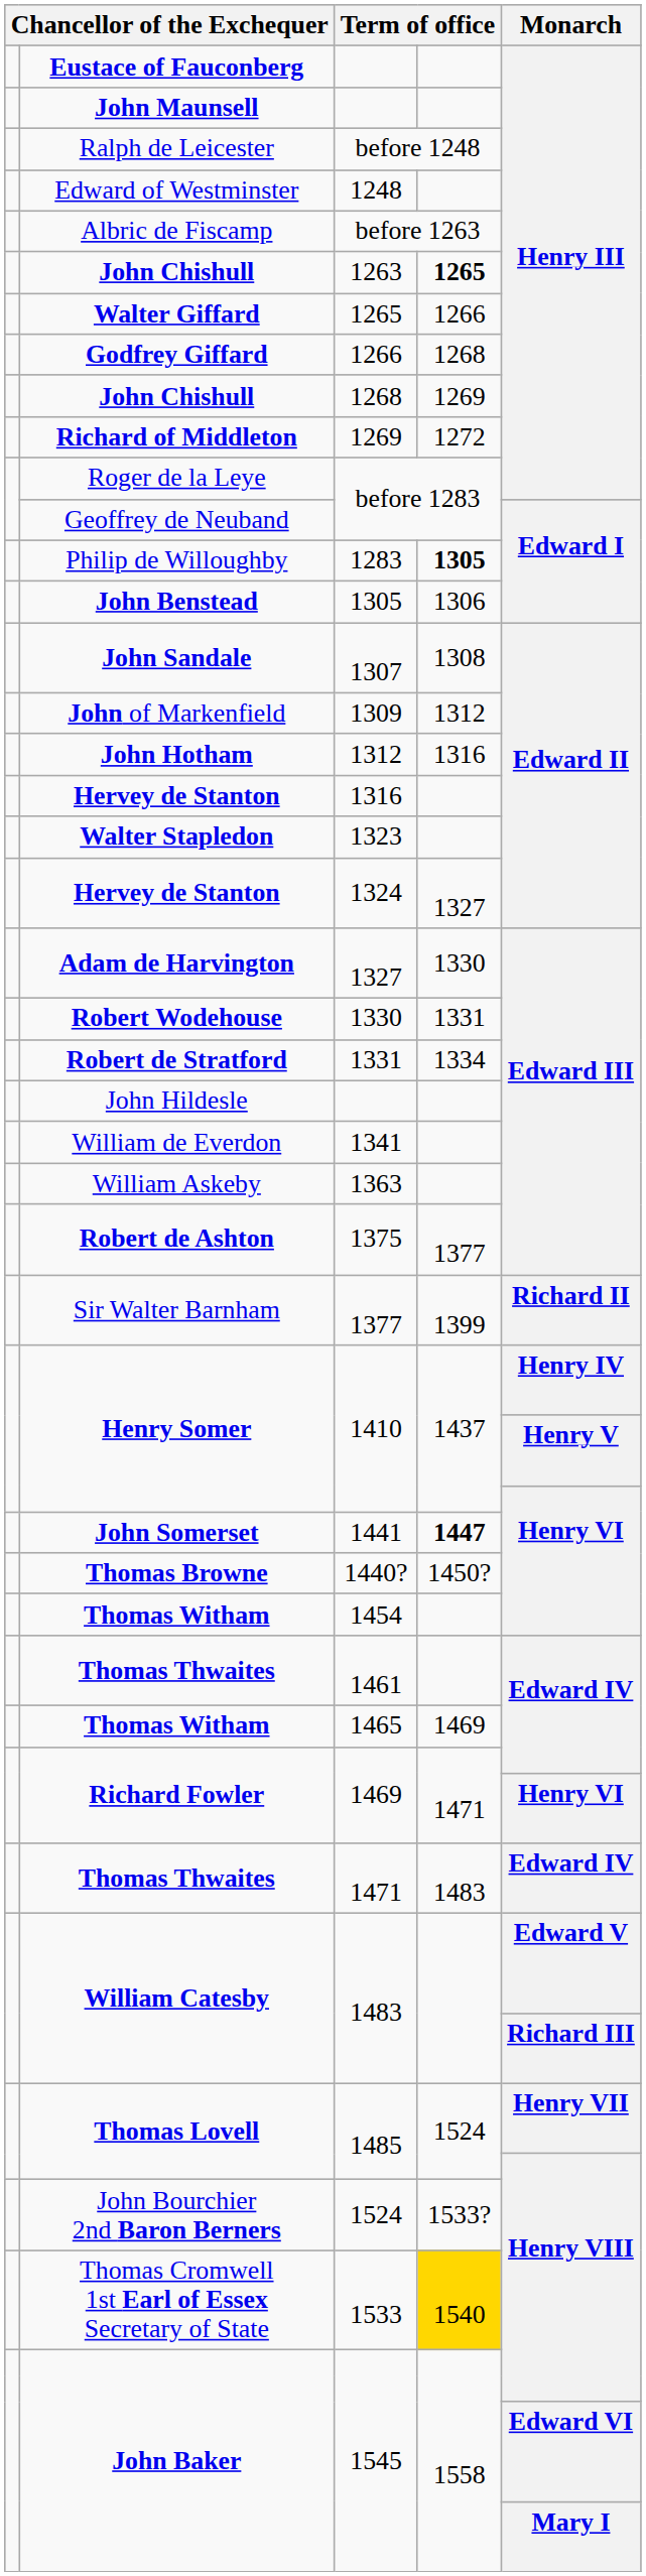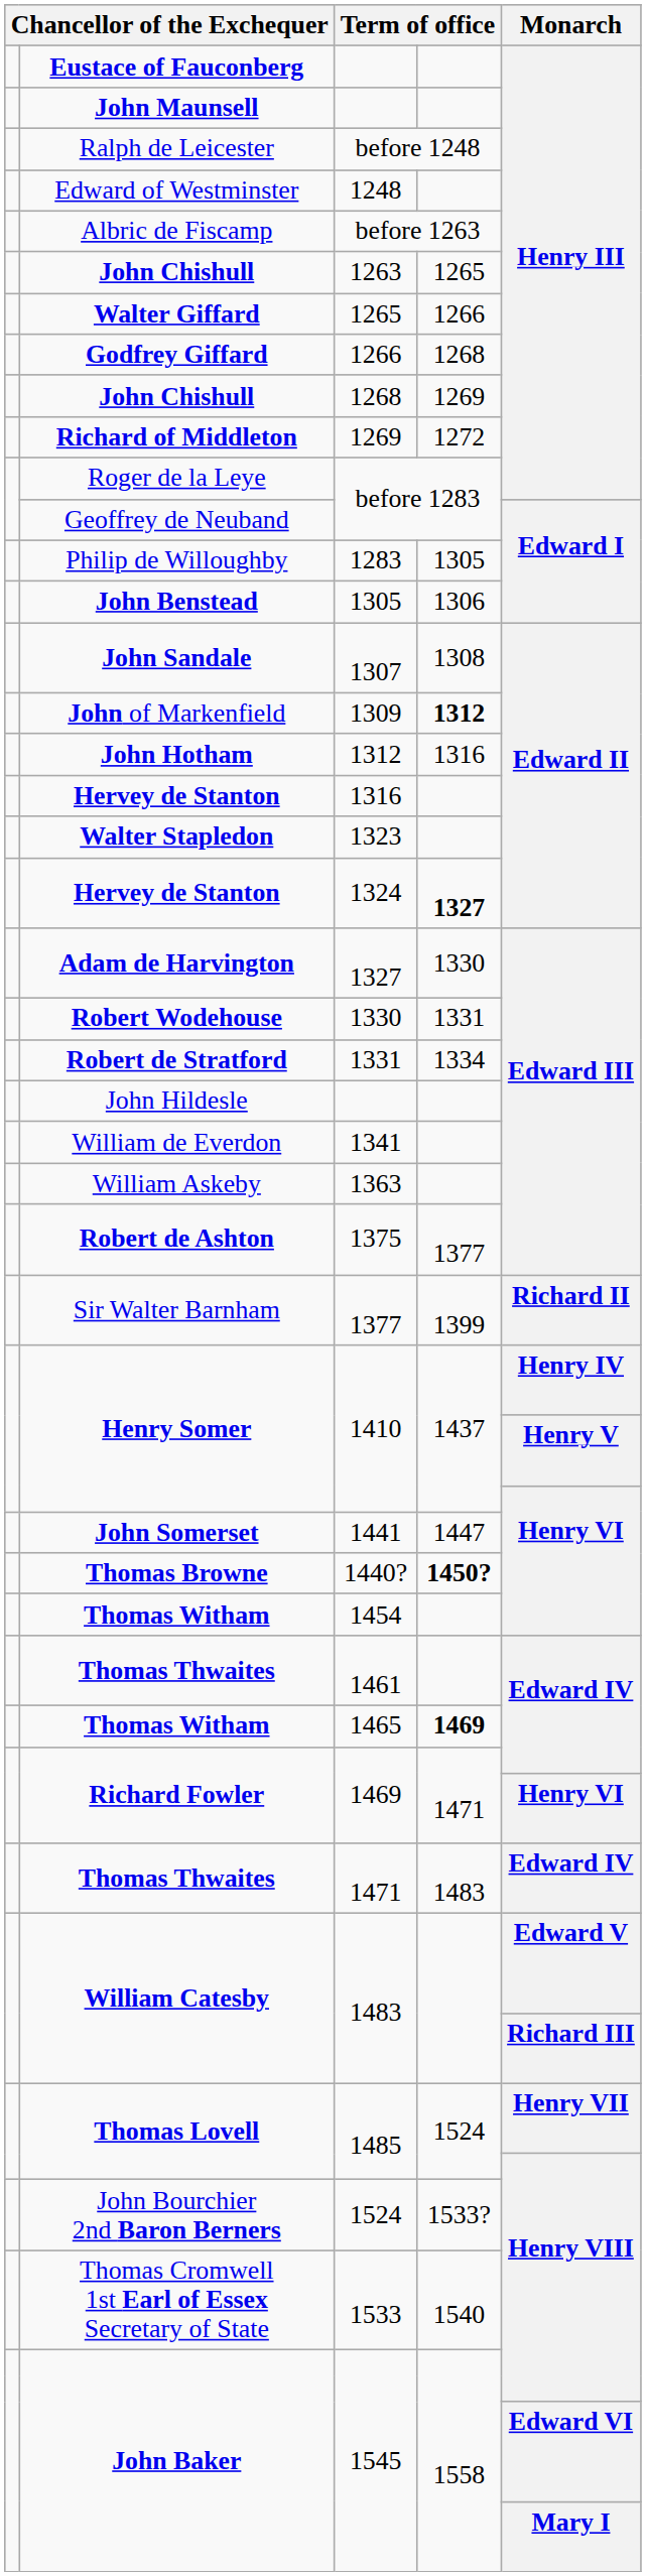 <table class="wikitable plainrowheaders" style="text-align:center">
 <tr style="height:1em">
 <th colspan=2>Chancellor of the Exchequer</th>
 <th colspan=2>Term of office</th>
 <th colspan=2>Monarch<br></th>
 </tr>
 <tr style="height:1em">
 <td></td>
 <td><strong><a href='#'>Eustace of Fauconberg</a></strong><br></td>
 <td></td>
 <td></td>
 <th scope=row rowspan=11 style="text-align:center"><strong><a href='#'>Henry III</a></strong><br><br></th>
 </tr>
 <tr style="height:1em">
 <td></td>
 <td><strong><a href='#'>John Maunsell</a></strong><br></td>
 <td></td>
 <td></td>
 </tr>
 <tr style="height:1em">
 <td></td>
 <td><a href='#'>Ralph de Leicester</a></td>
 <td colspan=2>before 1248</td>
 </tr>
 <tr style="height:1em">
 <td></td>
 <td><a href='#'>Edward of Westminster</a></td>
 <td>1248</td>
 <td></td>
 </tr>
 <tr style="height:1em">
 <td></td>
 <td><a href='#'>Albric de Fiscamp</a></td>
 <td colspan=2>before 1263</td>
 </tr>
 <tr style="height:1em">
 <td></td>
 <td><strong><a href='#'>John Chishull</a></strong><br></td>
 <td>1263</td>
-<td><strong>1265</strong></td>
+<td>1265</td>
 </tr>
 <tr style="height:1em">
 <td></td>
 <td><strong><a href='#'>Walter Giffard</a></strong><br></td>
 <td>1265</td>
 <td>1266</td>
 </tr>
 <tr style="height:1em">
 <td></td>
 <td><strong><a href='#'>Godfrey Giffard</a></strong><br></td>
 <td>1266</td>
 <td>1268</td>
 </tr>
 <tr style="height:1em">
 <td></td>
 <td><strong><a href='#'>John Chishull</a></strong><br></td>
 <td>1268</td>
 <td>1269</td>
 </tr>
 <tr style="height:1em">
 <td></td>
 <td><strong><a href='#'>Richard of Middleton</a></strong><br></td>
 <td>1269</td>
 <td>1272</td>
 </tr>
 <tr style="height:1em">
 <td rowspan=2></td>
 <td><a href='#'>Roger de la Leye</a></td>
 <td colspan=2 rowspan=2>before 1283</td>
 </tr>
 <tr style="height:1em">
 <td><a href='#'>Geoffrey de Neuband</a></td>
 <th scope=row rowspan=3 style="text-align:center"><strong><a href='#'>Edward I</a></strong><br><br></th>
 </tr>
 <tr style="height:1em">
 <td></td>
 <td><a href='#'>Philip de Willoughby</a></td>
 <td>1283</td>
-<td><strong>1305</strong></td>
+<td>1305</td>
 </tr>
 <tr style="height:1em">
 <td></td>
 <td><strong><a href='#'>John Benstead</a></strong><br></td>
 <td>1305</td>
 <td>1306</td>
 </tr>
 <tr style="height:1em">
 <td></td>
 <td><strong><a href='#'>John Sandale</a></strong><br></td>
 <td class=nowrap><br>1307</td>
 <td>1308</td>
 <th scope=row rowspan=6 style="text-align:center"><strong><a href='#'>Edward II</a></strong><br><br></th>
 </tr>
 <tr style="height:1em">
 <td></td>
 <td><a href='#'><strong>John</strong> of Markenfield</a></td>
 <td>1309</td>
-<td>1312</td>
+<td><strong>1312</strong></td>
 </tr>
 <tr style="height:1em">
 <td></td>
 <td><a href='#'><strong>John Hotham</strong></a><br></td>
 <td>1312</td>
 <td>1316</td>
 </tr>
 <tr style="height:1em">
 <td></td>
 <td><strong><a href='#'>Hervey de Stanton</a></strong></td>
 <td>1316</td>
 <td></td>
 </tr>
 <tr style="height:1em">
 <td></td>
 <td><strong><a href='#'>Walter Stapledon</a></strong><br></td>
 <td>1323</td>
 <td></td>
 </tr>
 <tr style="height:1em">
 <td></td>
 <td><strong><a href='#'>Hervey de Stanton</a></strong><br></td>
 <td>1324</td>
-<td class=nowrap><br>1327</td>
+<td class=nowrap><strong><br>1327</strong></td>
 </tr>
 <tr style="height:1em">
 <td></td>
 <td><strong><a href='#'>Adam de Harvington</a></strong></td>
 <td class=nowrap><br>1327</td>
 <td>1330</td>
 <th scope=row rowspan=7 style="text-align:center"><strong><a href='#'>Edward III</a></strong><br><br><br></th>
 </tr>
 <tr style="height:1em">
 <td></td>
 <td><strong><a href='#'>Robert Wodehouse</a></strong></td>
 <td>1330</td>
 <td>1331</td>
 </tr>
 <tr style="height:1em">
 <td></td>
 <td><strong><a href='#'>Robert de Stratford</a></strong><br></td>
 <td>1331</td>
 <td>1334</td>
 </tr>
 <tr style="height:1em">
 <td></td>
 <td><a href='#'>John Hildesle</a></td>
 <td></td>
 <td></td>
 </tr>
 <tr style="height:1em">
 <td></td>
 <td><a href='#'>William de Everdon</a></td>
 <td>1341</td>
 <td></td>
 </tr>
 <tr style="height:1em">
 <td></td>
 <td><a href='#'>William Askeby</a><br></td>
 <td>1363</td>
 <td></td>
 </tr>
 <tr style="height:1em">
 <td></td>
 <td><strong><a href='#'>Robert de Ashton</a></strong></td>
 <td>1375</td>
 <td class=nowrap><br>1377</td>
 </tr>
 <tr style="height:1em">
 <td></td>
 <td><a href='#'>Sir Walter Barnham</a></td>
 <td class=nowrap><br>1377</td>
 <td class=nowrap><br>1399</td>
 <th scope=row style="text-align:center"><strong><a href='#'>Richard II</a></strong><br><br></th>
 </tr>
 <tr style="height:1em">
 <td style="border: none" rowspan=2></td>
 <td rowspan=3><strong><a href='#'>Henry Somer</a></strong><br></td>
 <td rowspan=3>1410</td>
 <td rowspan=3>1437</td>
 <th scope=row style="text-align:center"><strong><a href='#'>Henry IV</a></strong><br><br></th>
 </tr>
 <tr style="height:1em">
 <th scope=row style="text-align:center"><strong><a href='#'>Henry V</a></strong><br><br></th>
 </tr>
 <tr style="height:1em">
 <td style="border: none"></td>
 <th rowspan=4 scope=row style="text-align:center"><strong><a href='#'>Henry VI</a></strong><br><br><br></th>
 </tr>
 <tr style="height:1em">
 <td></td>
 <td><strong><a href='#'>John Somerset</a></strong></td>
 <td>1441</td>
-<td><strong>1447</strong></td>
+<td>1447</td>
 </tr>
 <tr style="height:1em">
 <td></td>
 <td><a href='#'><strong>Thomas Browne</strong></a><br></td>
 <td>1440?</td>
-<td>1450?</td>
+<td><strong>1450?</strong></td>
 </tr>
 <tr style="height:1em">
 <td></td>
 <td><strong><a href='#'>Thomas Witham</a></strong></td>
 <td>1454</td>
 <td></td>
 </tr>
 <tr style="height:1em">
 <td></td>
 <td><strong><a href='#'>Thomas Thwaites</a></strong></td>
 <td class=nowrap><br>1461</td>
 <td></td>
 <th scope=row rowspan=3 style="text-align:center"><strong><a href='#'>Edward IV</a></strong><br><br></th>
 </tr>
 <tr style="height:1em">
 <td></td>
 <td><strong><a href='#'>Thomas Witham</a></strong></td>
 <td>1465</td>
-<td>1469</td>
+<td><strong>1469</strong></td>
 </tr>
 <tr style="height:1em">
 <td style="border: none"></td>
 <td rowspan=2><a href='#'><strong>Richard Fowler</strong></a></td>
 <td rowspan=2>1469</td>
 <td class=nowrap rowspan=2><br>1471</td>
 </tr>
 <tr style="height:1em">
 <td style="border: none"></td>
 <th scope=row style="text-align:center"><strong><a href='#'>Henry VI</a></strong><br><br></th>
 </tr>
 <tr style="height:1em">
 <td></td>
 <td><strong><a href='#'>Thomas Thwaites</a></strong><br></td>
 <td class=nowrap><br>1471</td>
 <td class=nowrap><br>1483</td>
 <th scope=row style="text-align:center"><strong><a href='#'>Edward IV</a></strong><br><br></th>
 </tr>
 <tr style="height:1em">
 <td rowspan=2></td>
 <td rowspan=2><strong><a href='#'>William Catesby</a></strong><br></td>
 <td class=nowrap rowspan=2><br>1483</td>
 <td rowspan=2></td>
 <th scope=row style="text-align:center"><strong><a href='#'>Edward V</a></strong><br><br><br></th>
 </tr>
 <tr style="height:1em">
 <th scope=row style="text-align:center"><strong><a href='#'>Richard III</a></strong><br><br></th>
 </tr>
 <tr style="height:1em">
 <td style="border: none"></td>
 <td rowspan=2><strong><a href='#'>Thomas Lovell</a></strong><br></td>
 <td rowspan=2 class=nowrap><br>1485</td>
 <td rowspan=2>1524</td>
 <th scope=row style="text-align:center"><strong><a href='#'>Henry VII</a></strong><br><br></th>
 </tr>
 <tr style="height:1em">
 <td style="border: none"></td>
 <th rowspan=5 scope=row style="text-align:center"><strong><a href='#'>Henry VIII</a></strong><br><br><br></th>
 </tr>
 <tr style="height:1em">
 <td></td>
 <td><a href='#'>John Bourchier<br>2nd <strong>Baron Berners</strong></a></td>
 <td>1524</td>
 <td>1533?</td>
 </tr>
 <tr style="height:1em">
 <td></td>
 <td><a href='#'>Thomas Cromwell<br>1st <strong>Earl of Essex</strong></a><br><a href='#'>Secretary of State</a></td>
 <td class=nowrap><br>1533</td>
-<td class=nowrap style="background: gold;"><br>1540</td>
+<td class=nowrap><br>1540</td>
 </tr>
 <tr style="height:1em">
 <td style="border: none"></td>
 <td rowspan=4><a href='#'><strong>John Baker</strong></a><br></td>
 <td rowspan=4>1545</td>
 <td class=nowrap rowspan=4><br>1558</td>
 </tr>
 <tr style="height:1em">
 <td style="border: none" rowspan=3></td>
 </tr>
 <tr style="height:1em">
 <th scope=row style="text-align:center"><strong><a href='#'>Edward VI</a></strong><br><br><br></th>
 </tr>
 <tr style="height:1em">
 <th scope=row style="text-align:center"><strong><a href='#'>Mary I</a></strong><br><br></th>
 </tr>
 </table>
